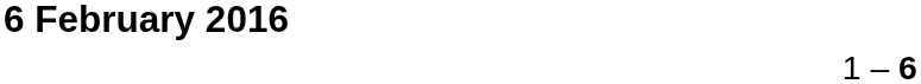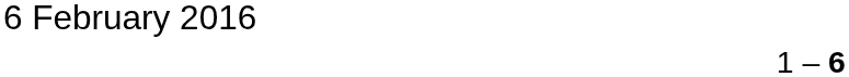 <table style="width:70%;" cellspacing="1">
 <tr>
 <th width=35%></th>
 <th width=15%></th>
 <th></th>
 </tr>
 <tr>
-<td><strong>6 February 2016</strong></td>
+<td>6 February 2016</td>
 </tr>
 <tr style=font-size:90%>
 <td align=right></td>
 <td align=center>1 – <strong>6</strong></td>
 <td><strong></strong></td>
 </tr>
 </table>
